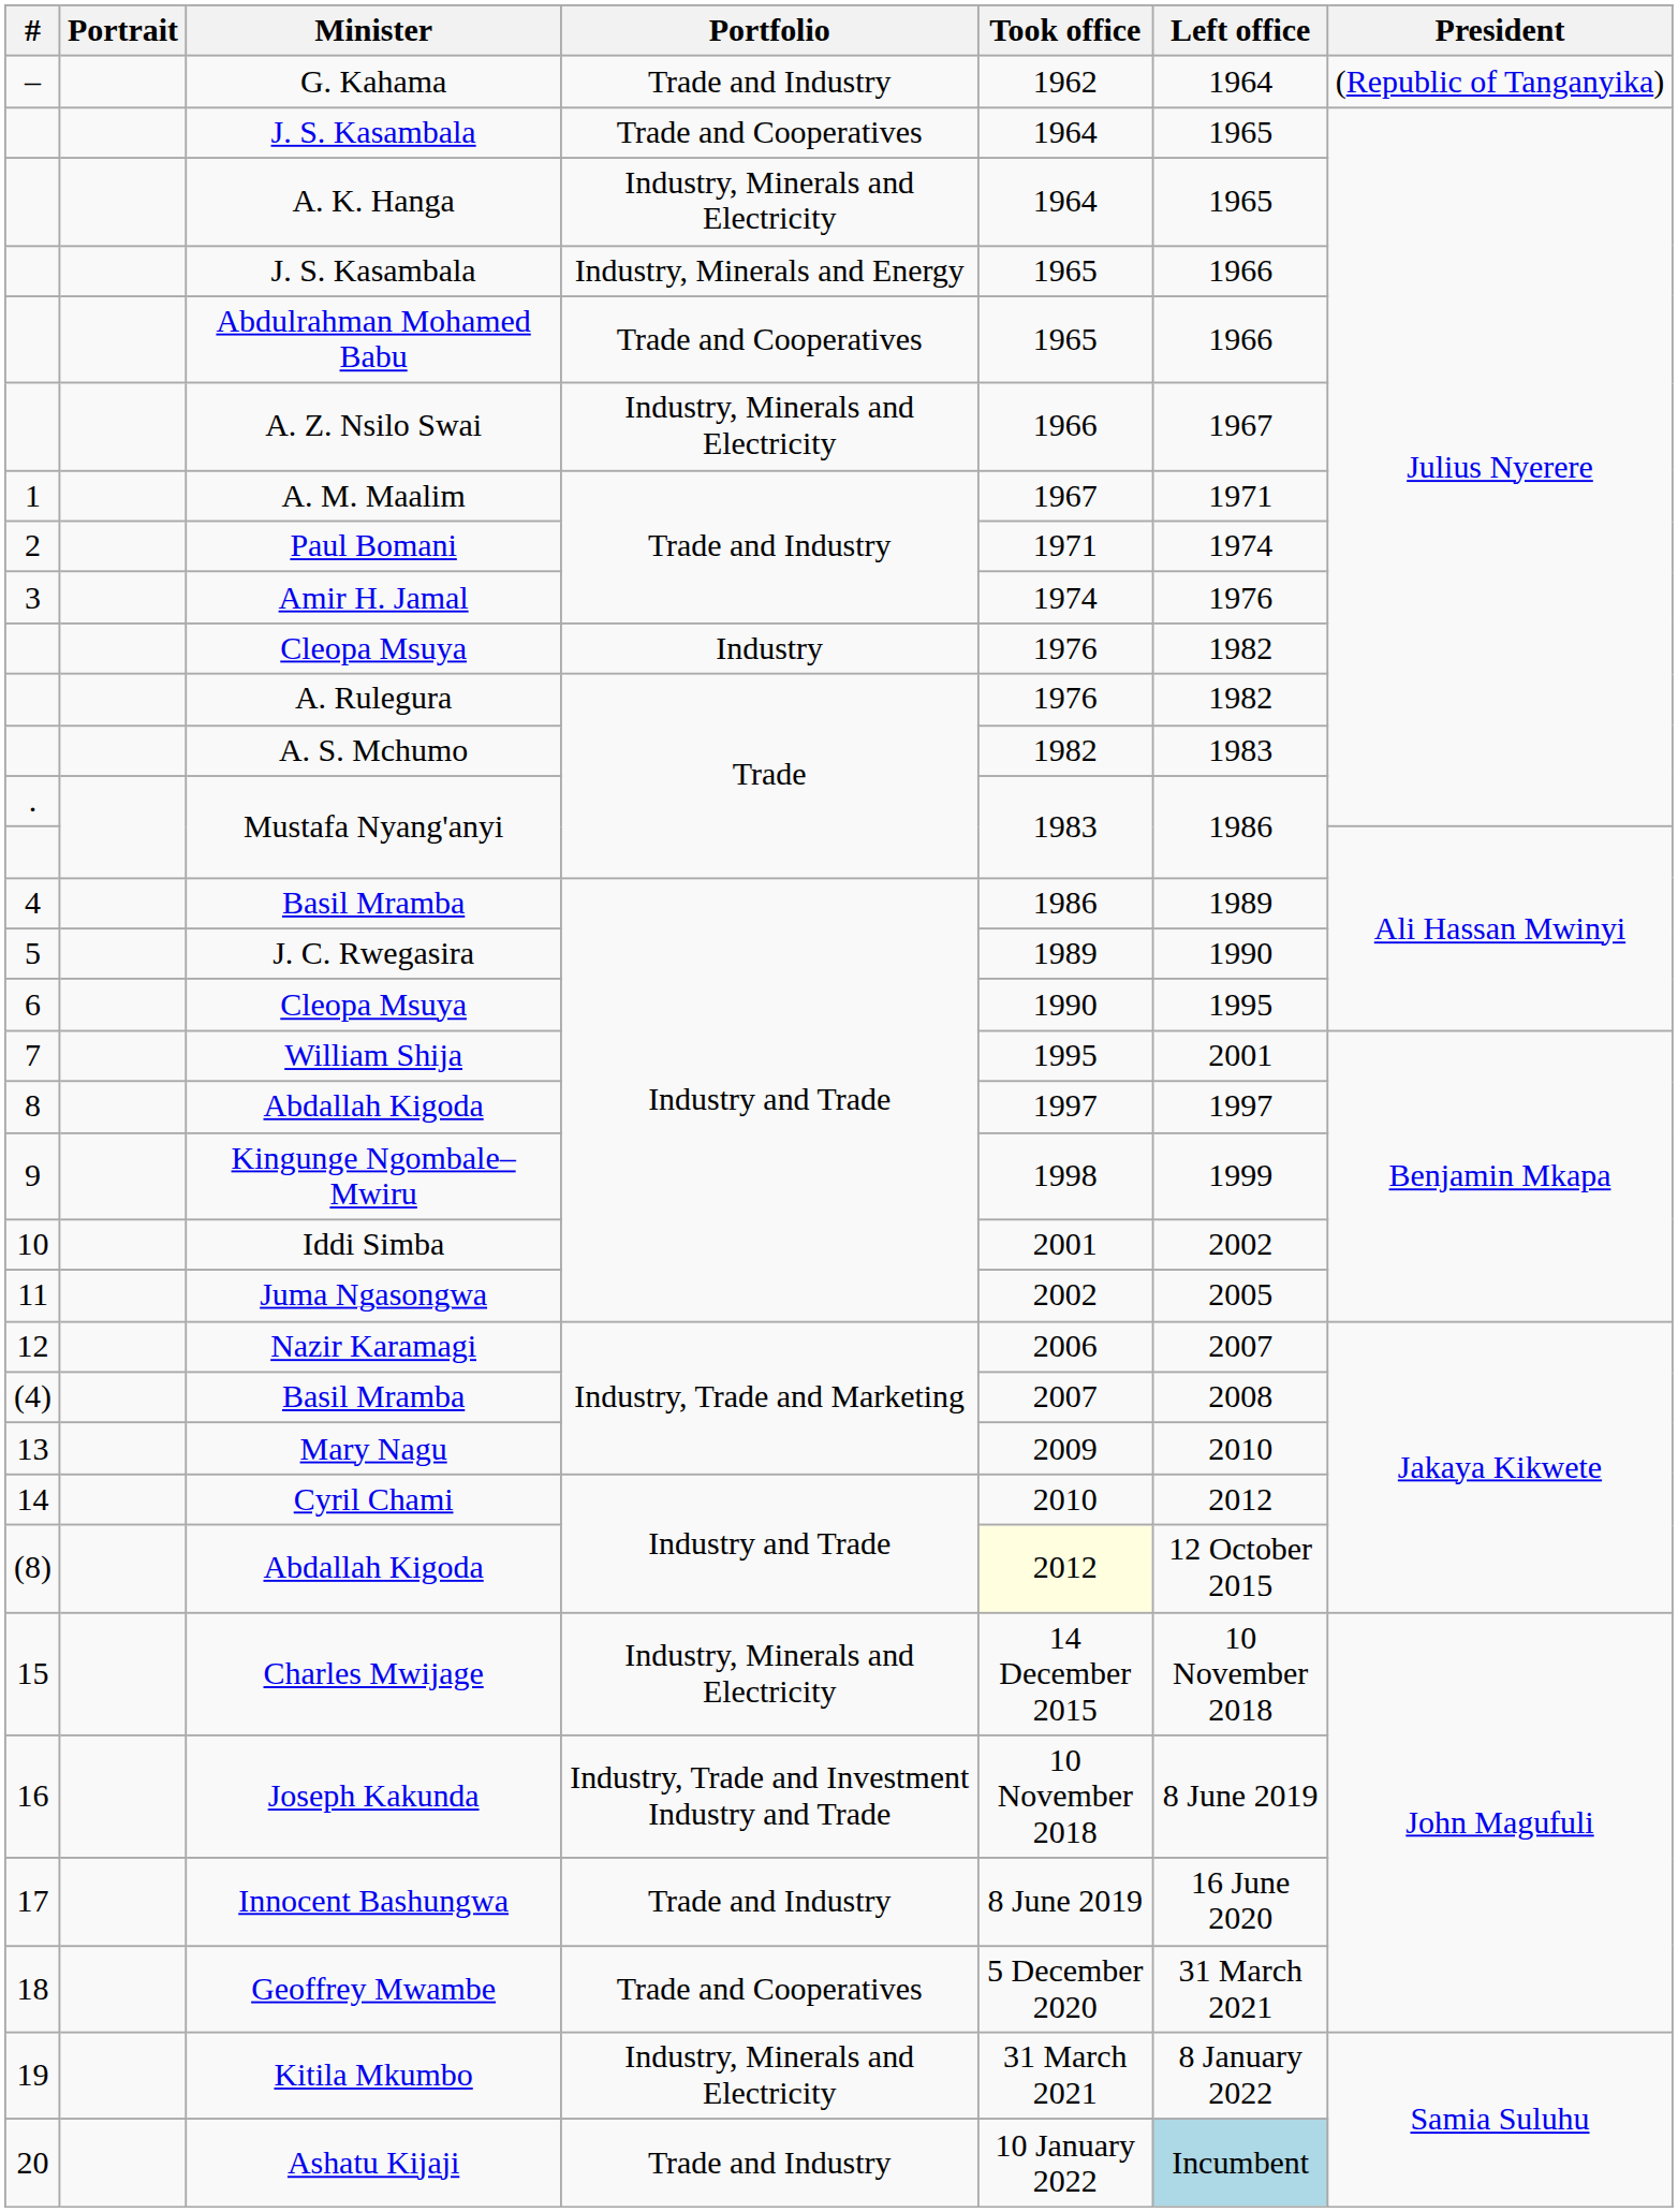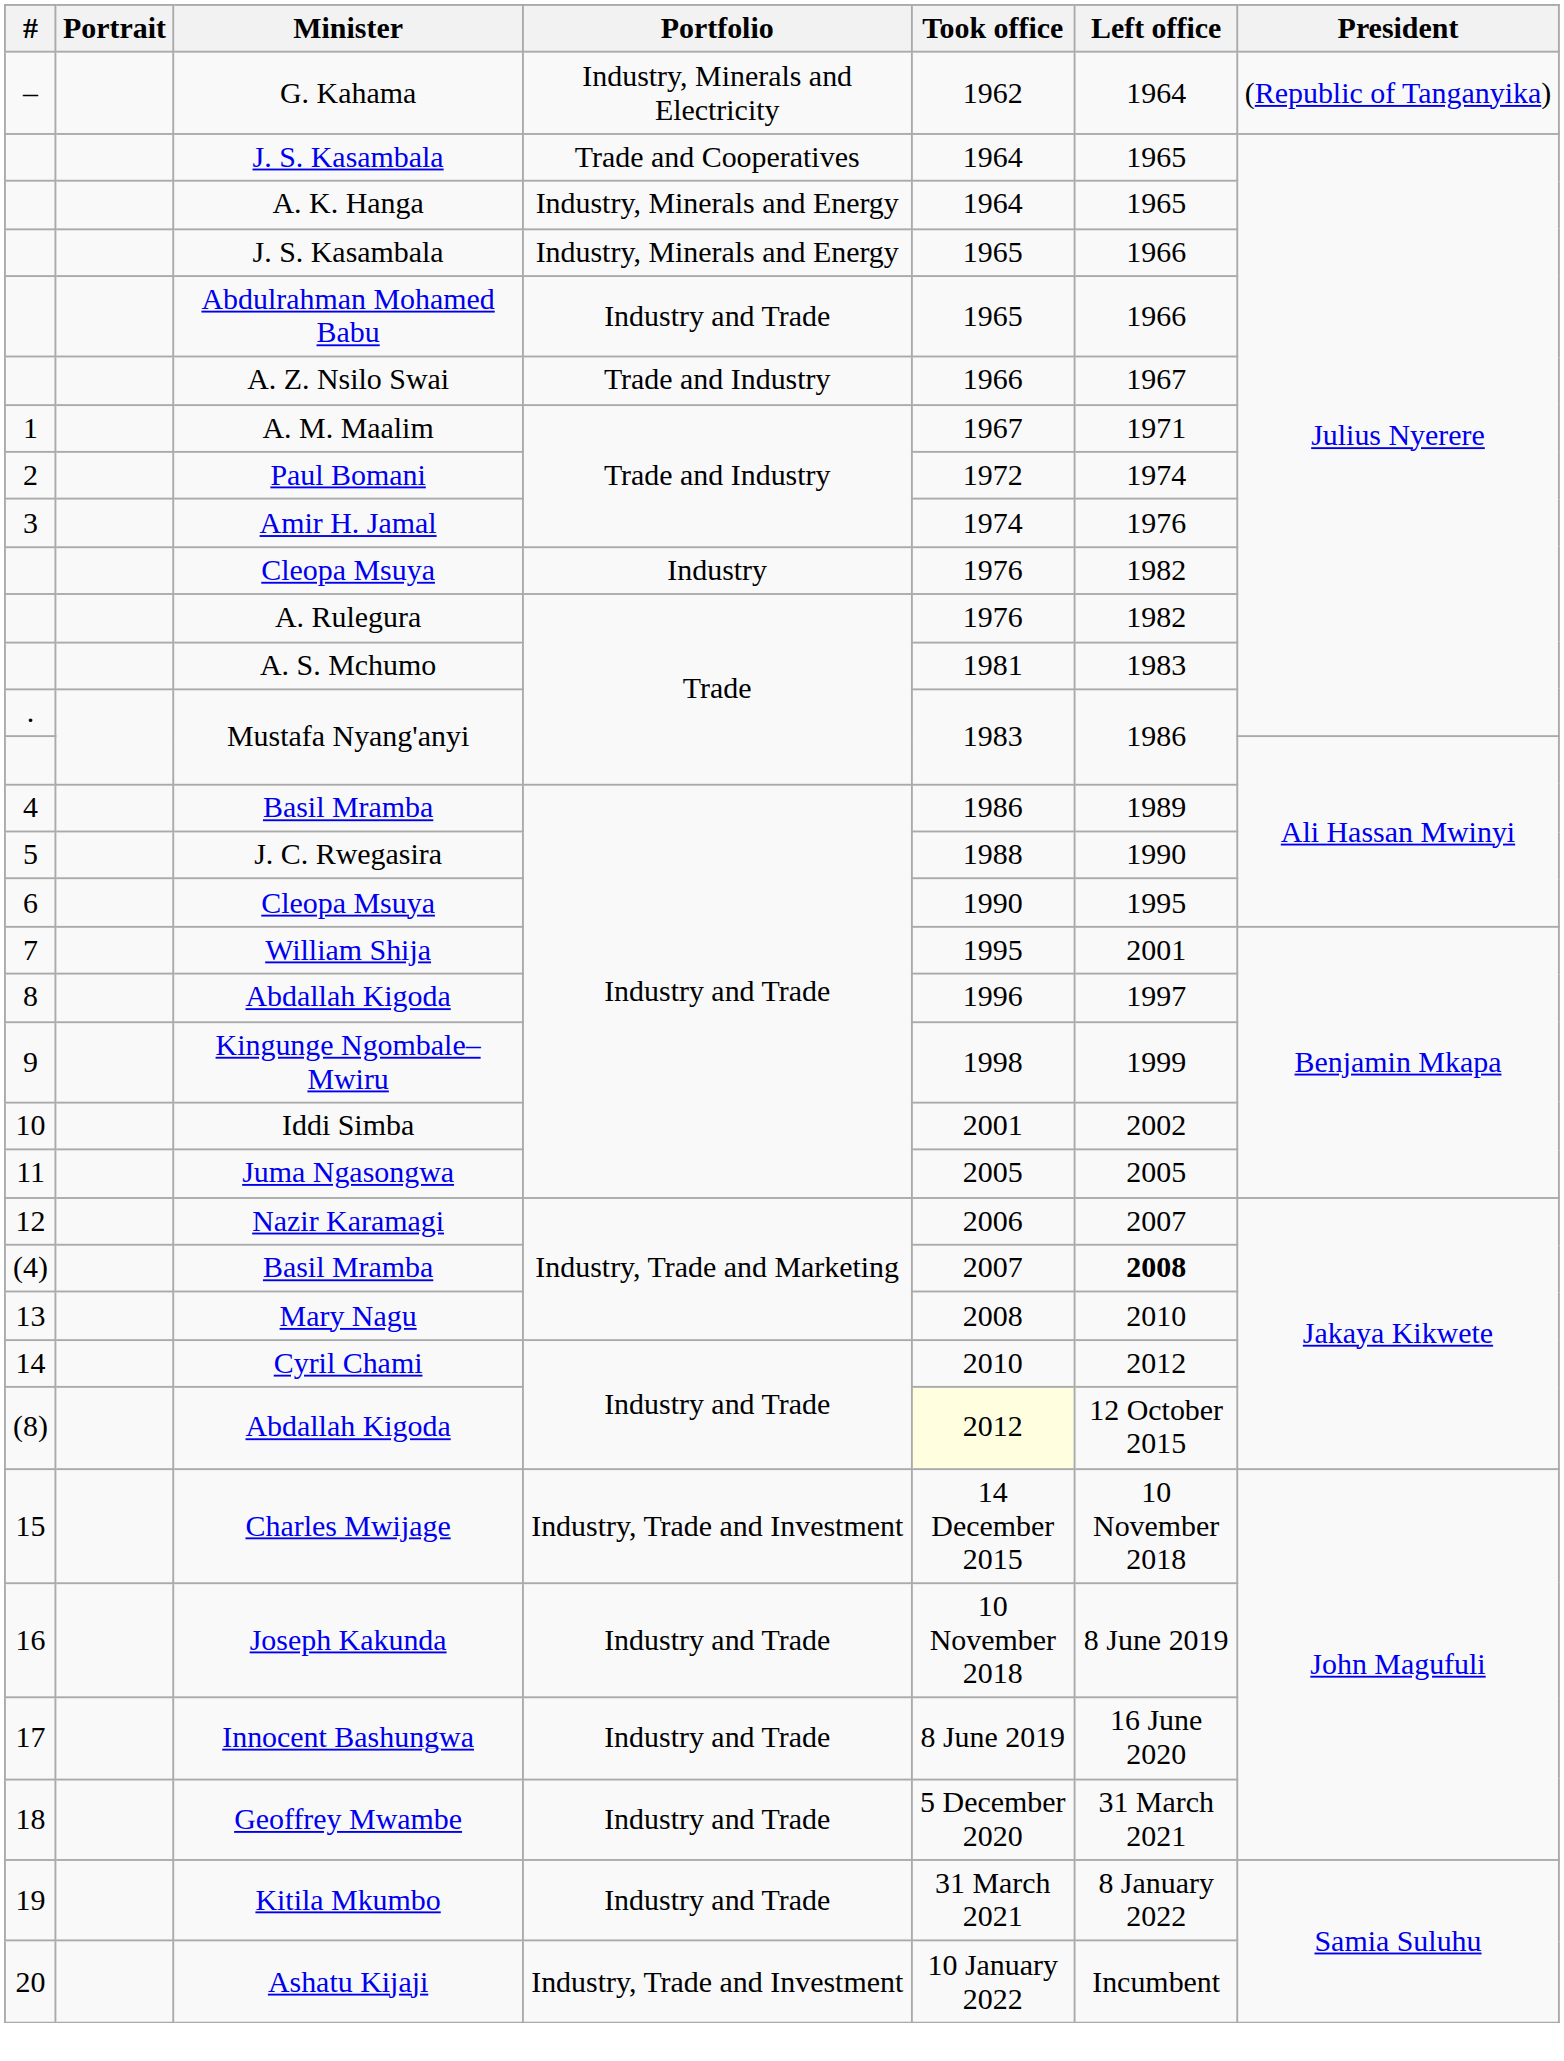 <table class="wikitable" style="text-align:center">
 <tr>
 <th width="20px">#</th>
 <th>Portrait</th>
 <th width="180px">Minister</th>
 <th width="200px">Portfolio</th>
 <th width="80px">Took office</th>
 <th width="80px">Left office</th>
 <th>President</th>
 </tr>
 <tr>
 <td style="background:">–</td>
 <td></td>
 <td>G. Kahama</td>
-<td>Trade and Industry</td>
+<td>Industry, Minerals and Electricity</td>
 <td>1962</td>
 <td>1964</td>
 <td>(<a href='#'>Republic of Tanganyika</a>)</td>
 </tr>
 <tr>
 <td style="background:"></td>
 <td></td>
 <td><a href='#'>J. S. Kasambala</a></td>
 <td>Trade and Cooperatives</td>
 <td>1964</td>
 <td>1965</td>
 <td rowspan="12"><a href='#'>Julius Nyerere</a></td>
 </tr>
 <tr>
 <td></td>
 <td></td>
 <td>A. K. Hanga</td>
-<td>Industry, Minerals and Electricity</td>
+<td>Industry, Minerals and Energy</td>
 <td>1964</td>
 <td>1965</td>
 </tr>
 <tr>
 <td style="background:"></td>
 <td></td>
 <td>J. S. Kasambala</td>
 <td>Industry, Minerals and Energy</td>
 <td>1965</td>
 <td>1966</td>
 </tr>
 <tr>
 <td></td>
 <td></td>
 <td><a href='#'>Abdulrahman Mohamed Babu</a></td>
-<td>Trade and Cooperatives</td>
+<td>Industry and Trade</td>
 <td>1965</td>
 <td>1966</td>
 </tr>
 <tr>
 <td style="background:"></td>
 <td></td>
 <td>A. Z. Nsilo Swai</td>
-<td>Industry, Minerals and Electricity</td>
+<td>Trade and Industry</td>
 <td>1966</td>
 <td>1967</td>
 </tr>
 <tr>
 <td>1</td>
 <td></td>
 <td>A. M. Maalim</td>
 <td rowspan="3">Trade and Industry</td>
 <td>1967</td>
 <td>1971</td>
 </tr>
 <tr>
 <td style="background:">2</td>
 <td></td>
 <td><a href='#'>Paul Bomani</a></td>
-<td>1971</td>
+<td>1972</td>
 <td>1974</td>
 </tr>
 <tr>
 <td style="background:">3</td>
 <td></td>
 <td><a href='#'>Amir H. Jamal</a></td>
 <td>1974</td>
 <td>1976</td>
 </tr>
 <tr>
 <td style="background:"></td>
 <td></td>
 <td><a href='#'>Cleopa Msuya</a></td>
 <td>Industry</td>
 <td>1976</td>
 <td>1982</td>
 </tr>
 <tr>
 <td style="background:"></td>
 <td></td>
 <td>A. Rulegura</td>
 <td rowspan="4">Trade</td>
 <td>1976</td>
 <td>1982</td>
 </tr>
 <tr>
 <td style="background:"></td>
 <td></td>
 <td>A. S. Mchumo</td>
-<td>1982</td>
+<td>1981</td>
 <td>1983</td>
 </tr>
 <tr>
 <td style="background:">.</td>
 <td rowspan="2"></td>
 <td rowspan="2">Mustafa Nyang'anyi</td>
 <td rowspan="2">1983</td>
 <td rowspan="2">1986</td>
 </tr>
 <tr>
 <td style="background:"><br></td>
 <td rowspan="4"><a href='#'>Ali Hassan Mwinyi</a></td>
 </tr>
 <tr>
 <td style="background:">4</td>
 <td></td>
 <td><a href='#'>Basil Mramba</a></td>
 <td rowspan="8">Industry and Trade</td>
 <td>1986</td>
 <td>1989</td>
 </tr>
 <tr>
 <td style="background:">5</td>
 <td></td>
 <td>J. C. Rwegasira</td>
-<td>1989</td>
+<td>1988</td>
 <td>1990</td>
 </tr>
 <tr>
 <td style="background:">6</td>
 <td></td>
 <td><a href='#'>Cleopa Msuya</a></td>
 <td>1990</td>
 <td>1995</td>
 </tr>
 <tr>
 <td style="background:">7</td>
 <td></td>
 <td><a href='#'>William Shija</a></td>
 <td>1995</td>
 <td>2001</td>
 <td rowspan="5"><a href='#'>Benjamin Mkapa</a></td>
 </tr>
 <tr>
 <td style="background:">8</td>
 <td></td>
 <td><a href='#'>Abdallah Kigoda</a></td>
-<td>1997</td>
+<td>1996</td>
 <td>1997</td>
 </tr>
 <tr>
 <td style="background:">9</td>
 <td></td>
 <td><a href='#'>Kingunge Ngombale–Mwiru</a></td>
 <td>1998</td>
 <td>1999</td>
 </tr>
 <tr>
 <td style="background:">10</td>
 <td></td>
 <td>Iddi Simba</td>
 <td>2001</td>
 <td>2002</td>
 </tr>
 <tr>
 <td style="background:">11</td>
 <td></td>
 <td><a href='#'>Juma Ngasongwa</a></td>
-<td>2002</td>
+<td>2005</td>
 <td>2005</td>
 </tr>
 <tr>
 <td style="background:">12</td>
 <td></td>
 <td><a href='#'>Nazir Karamagi</a></td>
 <td rowspan="3">Industry, Trade and Marketing</td>
 <td>2006</td>
 <td>2007</td>
 <td rowspan="5"><a href='#'>Jakaya Kikwete</a></td>
 </tr>
 <tr>
 <td style="background:">(4)</td>
 <td></td>
 <td><a href='#'>Basil Mramba</a></td>
 <td>2007</td>
-<td>2008</td>
+<td><strong>2008</strong></td>
 </tr>
 <tr>
 <td style="background:">13</td>
 <td></td>
 <td><a href='#'>Mary Nagu</a></td>
-<td>2009</td>
+<td>2008</td>
 <td>2010</td>
 </tr>
 <tr>
 <td style="background:">14</td>
 <td></td>
 <td><a href='#'>Cyril Chami</a></td>
 <td rowspan="2">Industry and Trade</td>
 <td>2010</td>
 <td>2012</td>
 </tr>
 <tr>
 <td style="background:">(8)</td>
 <td></td>
 <td><a href='#'>Abdallah Kigoda</a></td>
 <td style="background: lightyellow;">2012</td>
 <td>12 October 2015</td>
 </tr>
 <tr>
 <td style="background:">15</td>
 <td></td>
 <td><a href='#'>Charles Mwijage</a></td>
-<td>Industry, Minerals and Electricity</td>
+<td>Industry, Trade and Investment</td>
 <td>14 December 2015</td>
 <td>10 November 2018</td>
 <td rowspan="4"><a href='#'>John Magufuli</a></td>
 </tr>
 <tr>
 <td style="background:">16</td>
 <td></td>
 <td><a href='#'>Joseph Kakunda</a></td>
-<td>Industry, Trade and Investment <br>Industry and Trade </td>
+<td>Industry and Trade</td>
 <td>10 November 2018</td>
 <td>8 June 2019 </td>
 </tr>
 <tr>
 <td style="background:">17</td>
 <td></td>
 <td><a href='#'>Innocent Bashungwa</a></td>
-<td>Trade and Industry</td>
+<td>Industry and Trade</td>
 <td>8 June 2019</td>
 <td>16 June 2020</td>
 </tr>
 <tr>
 <td style="background:">18</td>
 <td></td>
 <td><a href='#'>Geoffrey Mwambe</a></td>
-<td>Trade and Cooperatives</td>
+<td>Industry and Trade</td>
 <td>5 December 2020</td>
 <td>31 March 2021</td>
 </tr>
 <tr>
 <td style="background:">19</td>
 <td></td>
 <td><a href='#'>Kitila Mkumbo</a></td>
-<td>Industry, Minerals and Electricity</td>
+<td>Industry and Trade</td>
 <td>31 March 2021</td>
 <td>8 January 2022</td>
 <td rowspan="2"><a href='#'>Samia Suluhu</a></td>
 </tr>
 <tr>
 <td style="background:">20</td>
 <td></td>
 <td><a href='#'>Ashatu Kijaji</a></td>
-<td>Trade and Industry</td>
+<td>Industry, Trade and Investment</td>
 <td>10 January 2022</td>
-<td style="background: lightblue;">Incumbent</td>
+<td>Incumbent</td>
 </tr>
 </table>
